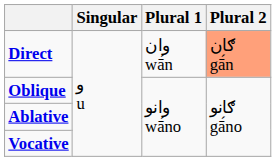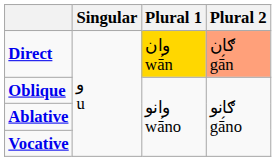 <table class="wikitable">
 <tr>
 <th></th>
 <th>Singular</th>
 <th>Plural 1</th>
 <th>Plural 2</th>
 </tr>
 <tr>
 <td><strong><a href='#'>Direct</a></strong></td>
 <td rowspan="4">و<br>u</td>
-<td>وان<br>wā́n</td>
+<td style="background: gold;">وان<br>wā́n</td>
 <td style="background: lightsalmon;">ګان<br>gā́n</td>
 </tr>
 <tr>
 <td><strong><a href='#'>Oblique</a></strong></td>
 <td rowspan="3">وانو<br>wā́no</td>
 <td rowspan="3">ګانو<br>gā́no</td>
 </tr>
 <tr>
 <td><strong><a href='#'>Ablative</a></strong></td>
 </tr>
 <tr>
 <td><strong><a href='#'>Vocative</a></strong></td>
 </tr>
 </table>
